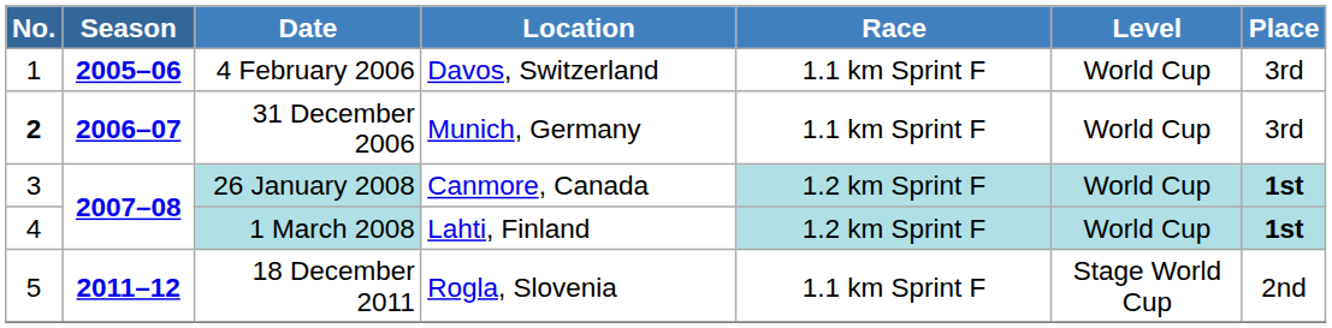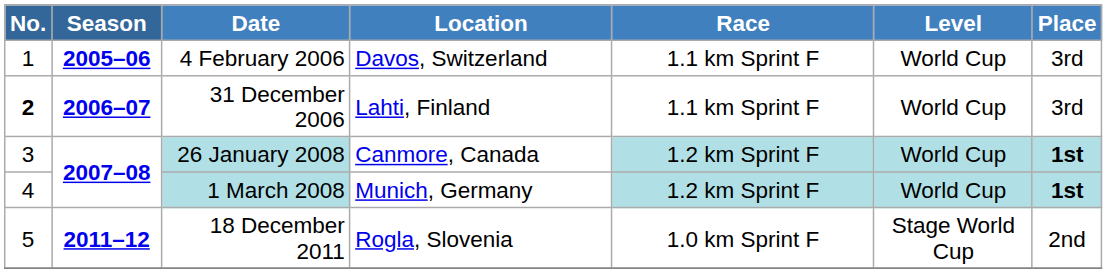 <table class="wikitable sortable" style="font-size:95%; text-align:center; border:grey solid 1px; border-collapse:collapse; background:#ffffff;">
 <tr style="background:#efefef;">
 <th style="background-color:#369; color:white;">No.</th>
 <th style="background-color:#369; color:white;">Season</th>
 <th style="background-color:#4180be; color:white; width:120px;">Date</th>
 <th style="background-color:#4180be; color:white; width:170px;">Location</th>
 <th style="background-color:#4180be; color:white; width:170px;">Race</th>
 <th style="background-color:#4180be; color:white; width:100px;">Level</th>
 <th style="background-color:#4180be; color:white;">Place</th>
 </tr>
 <tr>
 <td align=center>1</td>
 <td rowspan=1 align=center><strong> <a href='#'>2005–06</a> </strong></td>
 <td align=right>4 February 2006</td>
 <td align=left> <a href='#'>Davos</a>, Switzerland</td>
 <td>1.1 km Sprint F</td>
 <td>World Cup</td>
 <td>3rd</td>
 </tr>
 <tr>
 <td align=center><strong>2</strong></td>
 <td rowspan=1 align=center><strong> <a href='#'>2006–07</a> </strong></td>
 <td align=right>31 December 2006</td>
-<td align=left> <a href='#'>Munich</a>, Germany</td>
+<td align=left> <a href='#'>Lahti</a>, Finland</td>
 <td>1.1 km Sprint F</td>
 <td>World Cup</td>
 <td>3rd</td>
 </tr>
 <tr>
 <td align=center>3</td>
 <td rowspan=2 align=center><strong><a href='#'>2007–08</a></strong></td>
 <td bgcolor="#BOEOE6" align=right>26 January 2008</td>
 <td align=left> <a href='#'>Canmore</a>, Canada</td>
 <td bgcolor="#BOEOE6">1.2 km Sprint F</td>
 <td bgcolor="#BOEOE6">World Cup</td>
 <td bgcolor="#BOEOE6"><strong>1st</strong></td>
 </tr>
 <tr>
 <td align=center>4</td>
 <td bgcolor="#BOEOE6" align=right>1 March 2008</td>
-<td align=left> <a href='#'>Lahti</a>, Finland</td>
+<td align=left> <a href='#'>Munich</a>, Germany</td>
 <td bgcolor="#BOEOE6">1.2 km Sprint F</td>
 <td bgcolor="#BOEOE6">World Cup</td>
 <td bgcolor="#BOEOE6"><strong>1st</strong></td>
 </tr>
 <tr>
 <td align=center>5</td>
 <td rowspan=1 align=center><strong> <a href='#'>2011–12</a> </strong></td>
 <td align=right>18 December 2011</td>
 <td align=left> <a href='#'>Rogla</a>, Slovenia</td>
-<td>1.1 km Sprint F</td>
+<td>1.0 km Sprint F</td>
 <td>Stage World Cup</td>
 <td>2nd</td>
 </tr>
 <tr>
 </tr>
 </table>
